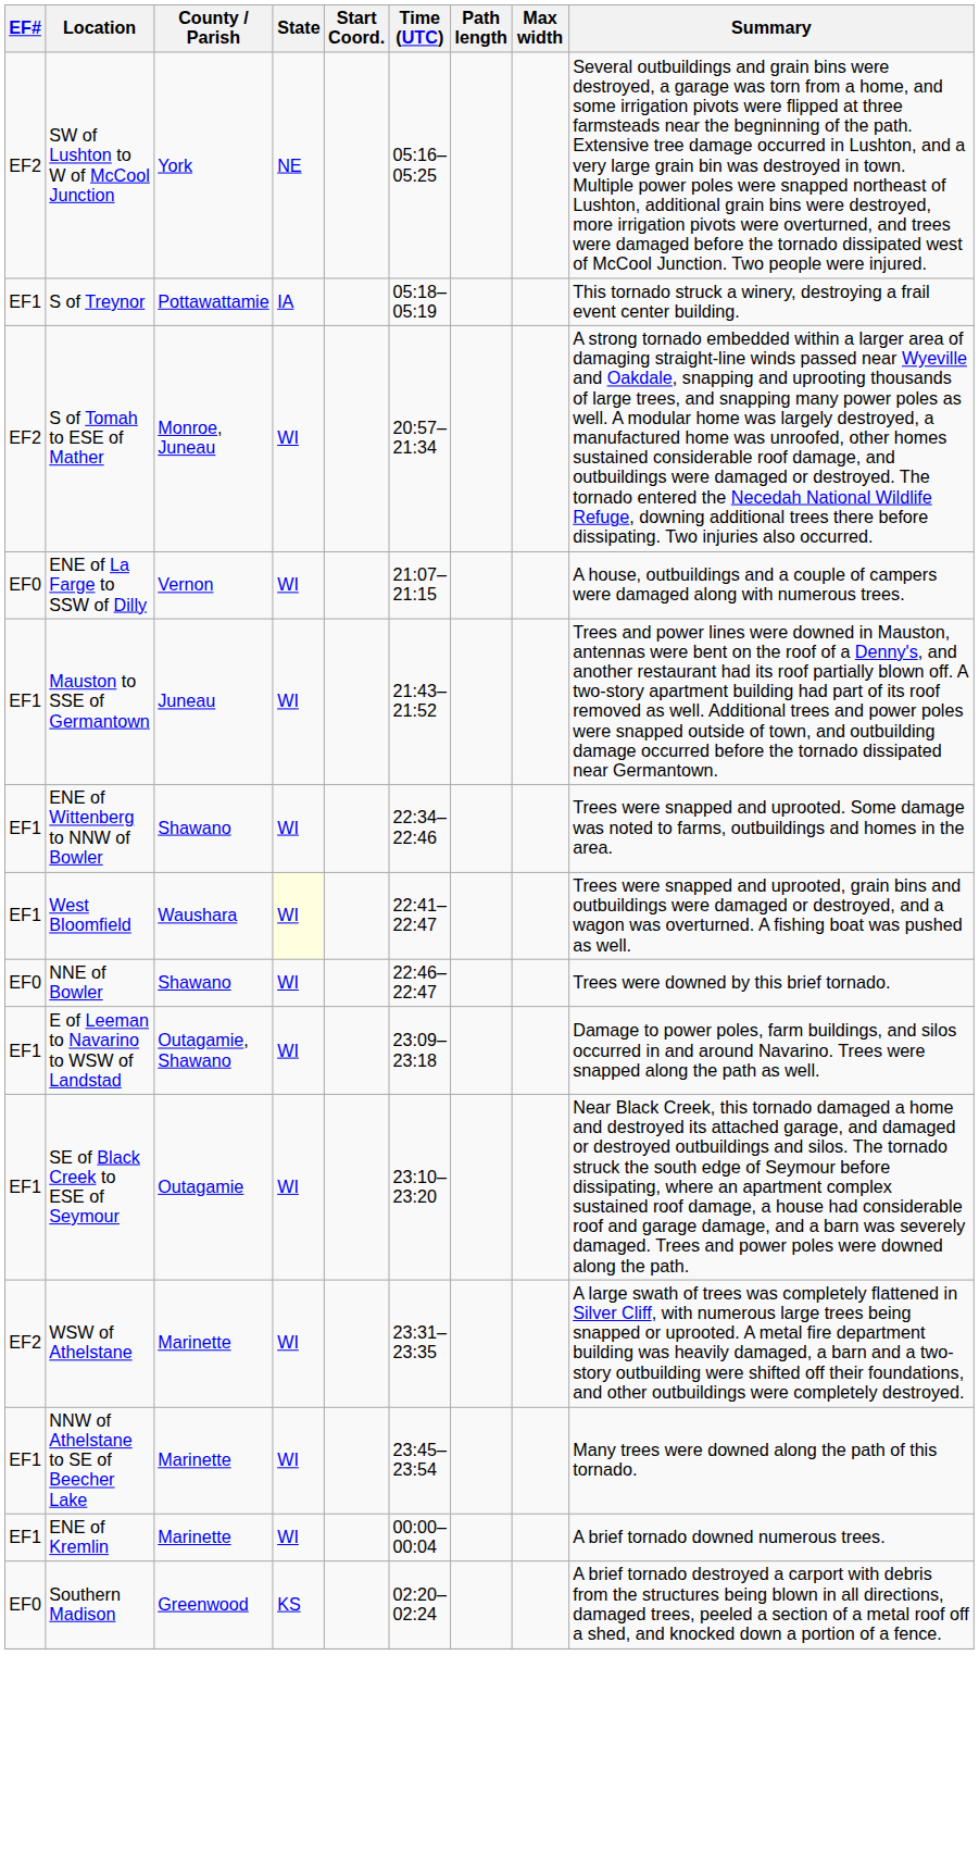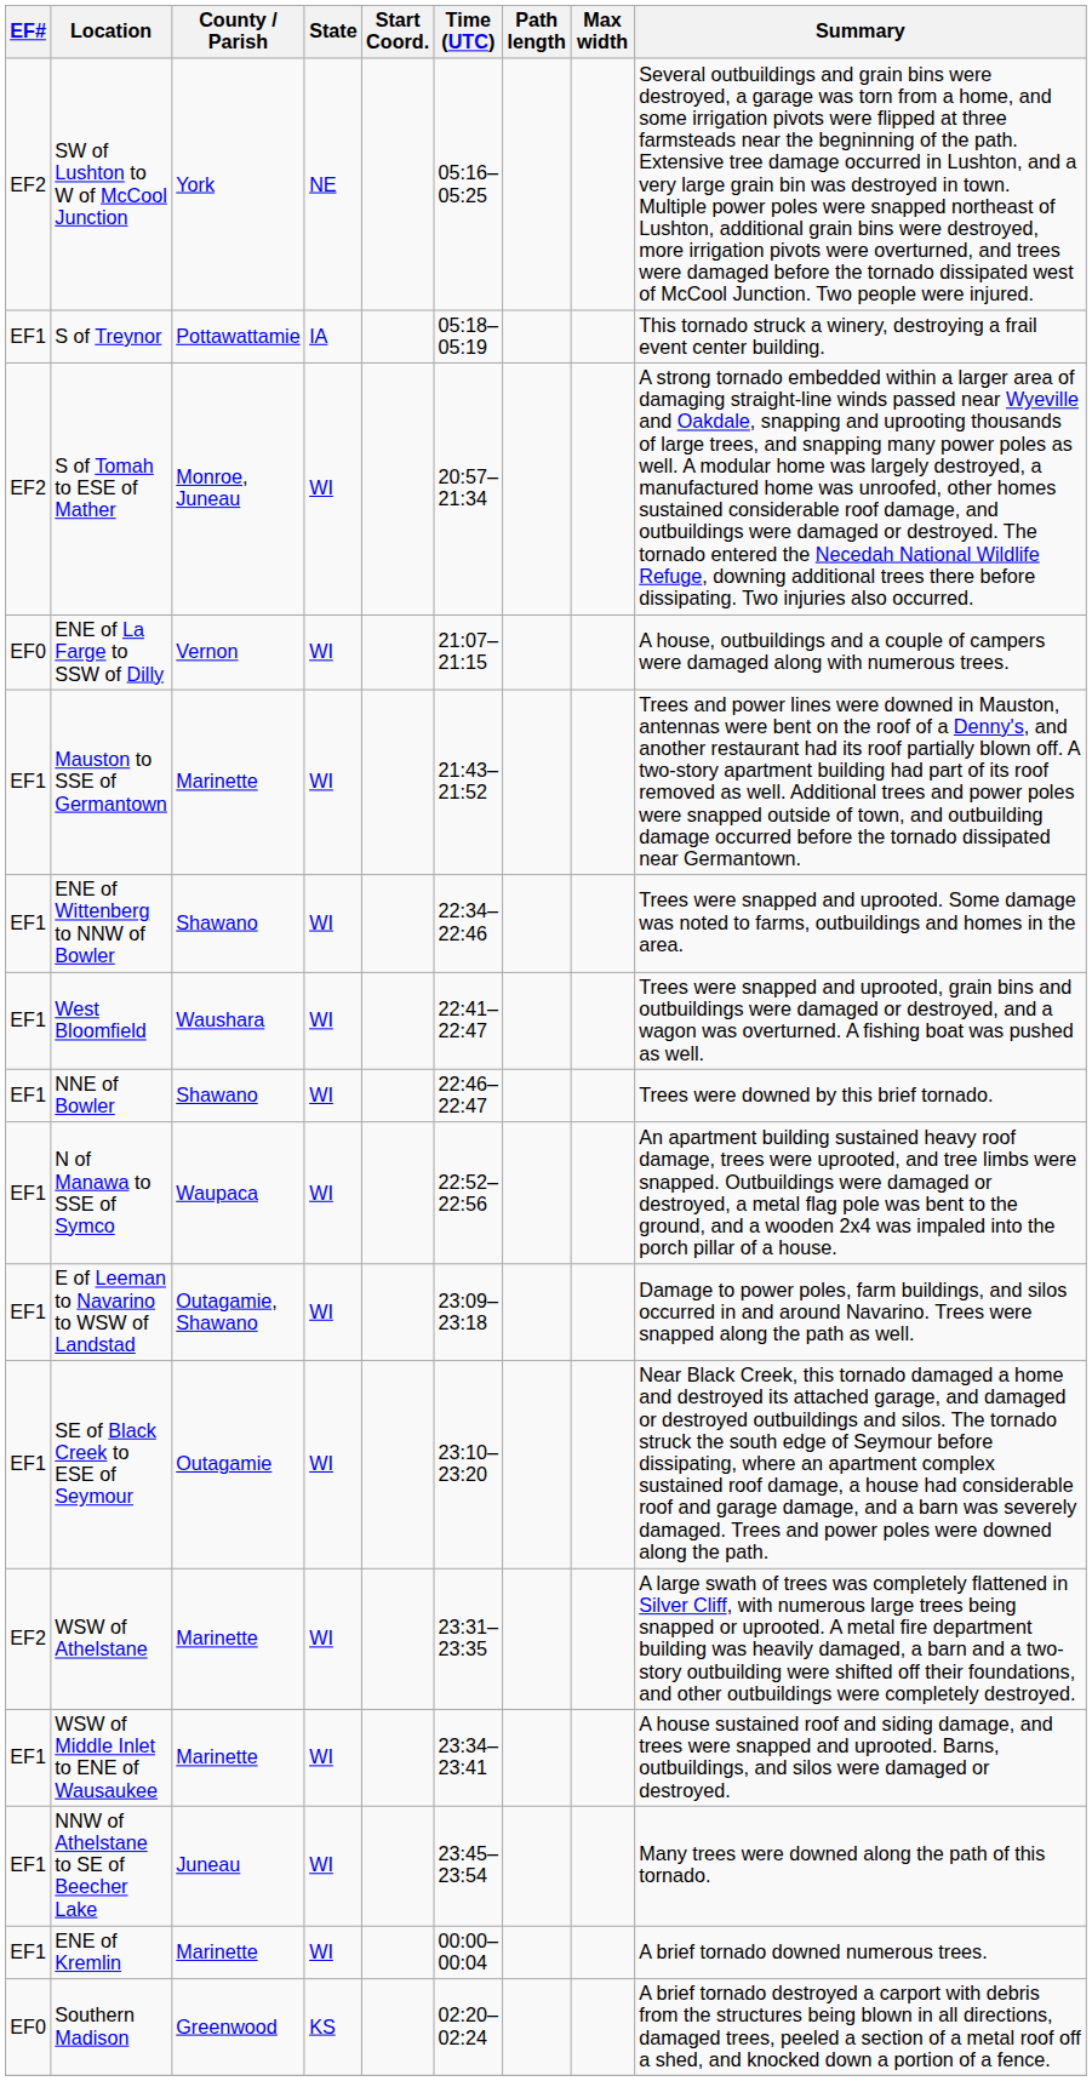 <table class="wikitable sortable" style="width:100%;">
 <tr>
 <th scope="col"  style="width:3%; text-align:center;"><a href='#'>EF#</a></th>
 <th scope="col"  style="width:7%; text-align:center;" class="unsortable">Location</th>
 <th scope="col"  style="width:6%; text-align:center;" class="unsortable">County / Parish</th>
 <th scope="col"  style="width:5%; text-align:center;">State</th>
 <th scope="col"  style="width:6%; text-align:center;">Start Coord.</th>
 <th scope="col"  style="width:6%; text-align:center;">Time (<a href='#'>UTC</a>)</th>
 <th scope="col"  style="width:6%; text-align:center;">Path length</th>
 <th scope="col"  style="width:6%; text-align:center;">Max width</th>
 <th scope="col" class="unsortable" style="width:48%; text-align:center;">Summary</th>
 </tr>
 <tr>
 <td>EF2</td>
 <td>SW of <a href='#'>Lushton</a> to W of <a href='#'>McCool Junction</a></td>
 <td><a href='#'>York</a></td>
 <td><a href='#'>NE</a></td>
 <td></td>
 <td>05:16–05:25</td>
 <td></td>
 <td></td>
 <td>Several outbuildings and grain bins were destroyed, a garage was torn from a home, and some irrigation pivots were flipped at three farmsteads near the begninning of the path. Extensive tree damage occurred in Lushton, and a very large grain bin was destroyed in town. Multiple power poles were snapped northeast of Lushton, additional grain bins were destroyed, more irrigation pivots were overturned, and trees were damaged before the tornado dissipated west of McCool Junction. Two people were injured.</td>
 </tr>
 <tr>
 <td>EF1</td>
 <td>S of <a href='#'>Treynor</a></td>
 <td><a href='#'>Pottawattamie</a></td>
 <td><a href='#'>IA</a></td>
 <td></td>
 <td>05:18–05:19</td>
 <td></td>
 <td></td>
 <td>This tornado struck a winery, destroying a frail event center building.</td>
 </tr>
 <tr>
 <td>EF2</td>
 <td>S of <a href='#'>Tomah</a> to ESE of <a href='#'>Mather</a></td>
 <td><a href='#'>Monroe</a>, <a href='#'>Juneau</a></td>
 <td><a href='#'>WI</a></td>
 <td></td>
 <td>20:57–21:34</td>
 <td></td>
 <td></td>
 <td>A strong tornado embedded within a larger area of damaging straight-line winds passed near <a href='#'>Wyeville</a> and <a href='#'>Oakdale</a>, snapping and uprooting thousands of large trees, and snapping many power poles as well. A modular home was largely destroyed, a manufactured home was unroofed, other homes sustained considerable roof damage, and outbuildings were damaged or destroyed. The tornado entered the <a href='#'>Necedah National Wildlife Refuge</a>, downing additional trees there before dissipating. Two injuries also occurred.</td>
 </tr>
 <tr>
 <td>EF0</td>
 <td>ENE of <a href='#'>La Farge</a> to SSW of <a href='#'>Dilly</a></td>
 <td><a href='#'>Vernon</a></td>
 <td><a href='#'>WI</a></td>
 <td></td>
 <td>21:07–21:15</td>
 <td></td>
 <td></td>
 <td>A house, outbuildings and a couple of campers were damaged along with numerous trees.</td>
 </tr>
 <tr>
 <td>EF1</td>
 <td><a href='#'>Mauston</a> to SSE of <a href='#'>Germantown</a></td>
-<td><a href='#'>Juneau</a></td>
+<td><a href='#'>Marinette</a></td>
 <td><a href='#'>WI</a></td>
 <td></td>
 <td>21:43–21:52</td>
 <td></td>
 <td></td>
 <td>Trees and power lines were downed in Mauston, antennas were bent on the roof of a <a href='#'>Denny's</a>, and another restaurant had its roof partially blown off. A two-story apartment building had part of its roof removed as well. Additional trees and power poles were snapped outside of town, and outbuilding damage occurred before the tornado dissipated near Germantown.</td>
 </tr>
 <tr>
 <td>EF1</td>
 <td>ENE of <a href='#'>Wittenberg</a> to NNW of <a href='#'>Bowler</a></td>
 <td><a href='#'>Shawano</a></td>
 <td><a href='#'>WI</a></td>
 <td></td>
 <td>22:34–22:46</td>
 <td></td>
 <td></td>
 <td>Trees were snapped and uprooted. Some damage was noted to farms, outbuildings and homes in the area.</td>
 </tr>
 <tr>
 <td>EF1</td>
 <td><a href='#'>West Bloomfield</a></td>
 <td><a href='#'>Waushara</a></td>
-<td style="background: lightyellow;"><a href='#'>WI</a></td>
+<td><a href='#'>WI</a></td>
 <td></td>
 <td>22:41–22:47</td>
 <td></td>
 <td></td>
 <td>Trees were snapped and uprooted, grain bins and outbuildings were damaged or destroyed, and a wagon was overturned. A fishing boat was pushed  as well.</td>
 </tr>
 <tr>
-<td>EF0</td>
+<td>EF1</td>
 <td>NNE of <a href='#'>Bowler</a></td>
 <td><a href='#'>Shawano</a></td>
 <td><a href='#'>WI</a></td>
 <td></td>
 <td>22:46–22:47</td>
 <td></td>
 <td></td>
 <td>Trees were downed by this brief tornado.</td>
+</tr>
+<tr>
+<td>EF1</td>
+<td>N of <a href='#'>Manawa</a> to SSE of <a href='#'>Symco</a></td>
+<td><a href='#'>Waupaca</a></td>
+<td><a href='#'>WI</a></td>
+<td></td>
+<td>22:52–22:56</td>
+<td></td>
+<td></td>
+<td>An apartment building sustained heavy roof damage, trees were uprooted, and tree limbs were snapped. Outbuildings were damaged or destroyed, a metal flag pole was bent to the ground, and a wooden 2x4 was impaled into the porch pillar of a house.</td>
 </tr>
 <tr>
 <td>EF1</td>
 <td>E of <a href='#'>Leeman</a> to <a href='#'>Navarino</a> to WSW of <a href='#'>Landstad</a></td>
 <td><a href='#'>Outagamie</a>, <a href='#'>Shawano</a></td>
 <td><a href='#'>WI</a></td>
 <td></td>
 <td>23:09–23:18</td>
 <td></td>
 <td></td>
 <td>Damage to power poles, farm buildings, and silos occurred in and around Navarino. Trees were snapped along the path as well.</td>
 </tr>
 <tr>
 <td>EF1</td>
 <td>SE of <a href='#'>Black Creek</a> to ESE of <a href='#'>Seymour</a></td>
 <td><a href='#'>Outagamie</a></td>
 <td><a href='#'>WI</a></td>
 <td></td>
 <td>23:10–23:20</td>
 <td></td>
 <td></td>
 <td>Near Black Creek, this tornado damaged a home and destroyed its attached garage, and damaged or destroyed outbuildings and silos. The tornado struck the south edge of Seymour before dissipating, where an apartment complex sustained roof damage, a house had considerable roof and garage damage, and a barn was severely damaged. Trees and power poles were downed along the path.</td>
 </tr>
 <tr>
 <td>EF2</td>
 <td>WSW of <a href='#'>Athelstane</a></td>
 <td><a href='#'>Marinette</a></td>
 <td><a href='#'>WI</a></td>
 <td></td>
 <td>23:31–23:35</td>
 <td></td>
 <td></td>
 <td>A large swath of trees was completely flattened in <a href='#'>Silver Cliff</a>, with numerous large trees being snapped or uprooted. A metal fire department building was heavily damaged, a barn and a two-story outbuilding were shifted off their foundations, and other outbuildings were completely destroyed.</td>
 </tr>
 <tr>
 <td>EF1</td>
+<td>WSW of <a href='#'>Middle Inlet</a> to ENE of <a href='#'>Wausaukee</a></td>
+<td><a href='#'>Marinette</a></td>
+<td><a href='#'>WI</a></td>
+<td></td>
+<td>23:34–23:41</td>
+<td></td>
+<td></td>
+<td>A house sustained roof and siding damage, and trees were snapped and uprooted. Barns, outbuildings, and silos were damaged or destroyed.</td>
+</tr>
+<tr>
+<td>EF1</td>
 <td>NNW of <a href='#'>Athelstane</a> to SE of <a href='#'>Beecher Lake</a></td>
-<td><a href='#'>Marinette</a></td>
+<td><a href='#'>Juneau</a></td>
 <td><a href='#'>WI</a></td>
 <td></td>
 <td>23:45–23:54</td>
 <td></td>
 <td></td>
 <td>Many trees were downed along the path of this tornado.</td>
 </tr>
 <tr>
 <td>EF1</td>
 <td>ENE of <a href='#'>Kremlin</a></td>
 <td><a href='#'>Marinette</a></td>
 <td><a href='#'>WI</a></td>
 <td></td>
 <td>00:00–00:04</td>
 <td></td>
 <td></td>
 <td>A brief tornado downed numerous trees.</td>
 </tr>
 <tr>
 <td>EF0</td>
 <td>Southern <a href='#'>Madison</a></td>
 <td><a href='#'>Greenwood</a></td>
 <td><a href='#'>KS</a></td>
 <td></td>
 <td>02:20–02:24</td>
 <td></td>
 <td></td>
 <td>A brief tornado destroyed a carport with debris from the structures being blown in all directions, damaged trees, peeled a section of a metal roof off a shed, and knocked down a portion of a fence.</td>
 </tr>
 <tr>
 </tr>
 </table>
